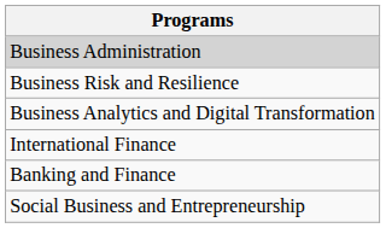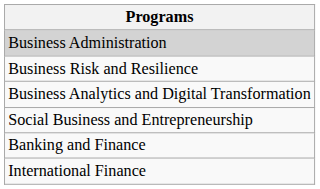 <table class="wikitable">
 <tr>
 <th>Programs</th>
 </tr>
 <tr>
 <td style="background: lightgrey;">Business Administration</td>
 </tr>
 <tr>
 <td>Business Risk and Resilience</td>
 </tr>
 <tr>
 <td>Business Analytics and Digital Transformation</td>
 </tr>
 <tr>
-<td>International Finance</td>
+<td>Social Business and Entrepreneurship</td>
 </tr>
 <tr>
 <td>Banking and Finance</td>
 </tr>
 <tr>
-<td>Social Business and Entrepreneurship</td>
+<td>International Finance</td>
 </tr>
 </table>
